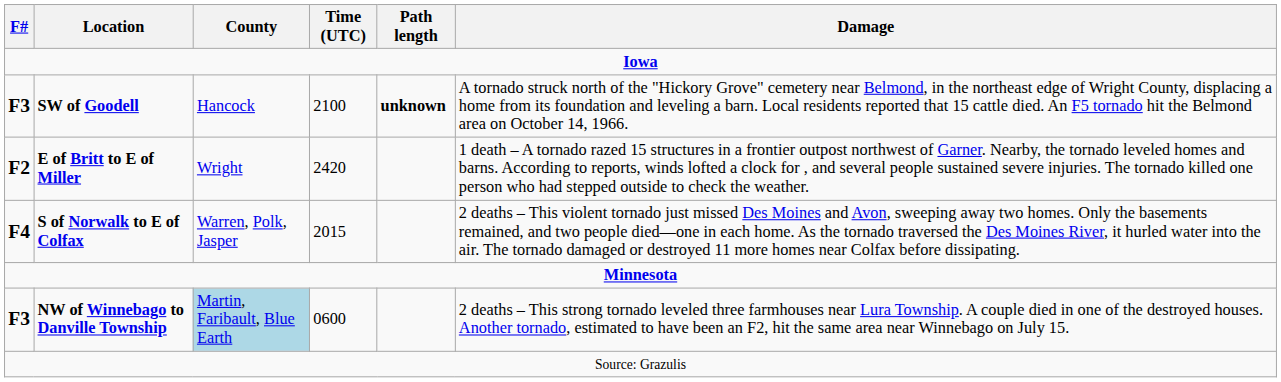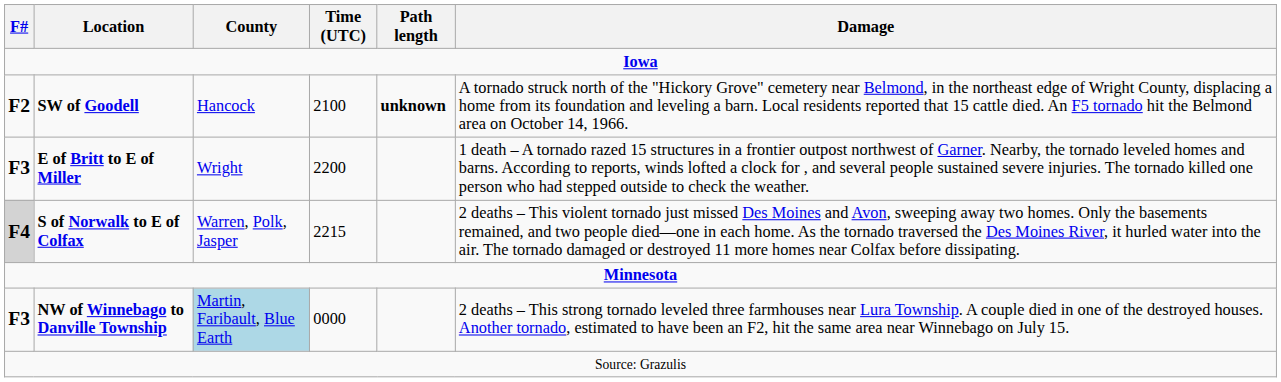 <table class="wikitable">
 <tr>
 <th><strong><a href='#'>F#</a></strong></th>
 <th><strong>Location</strong></th>
 <th><strong>County</strong></th>
 <th><strong>Time (UTC)</strong></th>
 <th><strong>Path length</strong></th>
 <th><strong>Damage</strong></th>
 </tr>
 <tr>
 <td colspan="7" align=center><strong><a href='#'>Iowa</a></strong></td>
 </tr>
 <tr>
-<td><big><strong>F3</strong></big></td>
+<td><big><strong>F2</strong></big></td>
 <td><strong>SW of <a href='#'>Goodell</a></strong></td>
 <td><a href='#'>Hancock</a></td>
 <td>2100</td>
 <td><strong>unknown</strong></td>
 <td>A tornado struck north of the "Hickory Grove" cemetery near <a href='#'>Belmond</a>, in the northeast edge of Wright County, displacing a home from its foundation and leveling a barn. Local residents reported that 15 cattle died. An <a href='#'>F5 tornado</a> hit the Belmond area on October 14, 1966.</td>
 </tr>
 <tr>
-<td><big><strong>F2</strong></big></td>
+<td><big><strong>F3</strong></big></td>
 <td><strong>E of <a href='#'>Britt</a> to E of <a href='#'>Miller</a></strong></td>
 <td><a href='#'>Wright</a></td>
-<td>2420</td>
+<td>2200</td>
 <td></td>
 <td>1 death – A tornado razed 15 structures in a frontier outpost  northwest of <a href='#'>Garner</a>. Nearby, the tornado leveled homes and barns. According to reports, winds lofted a clock for , and several people sustained severe injuries. The tornado killed one person who had stepped outside to check the weather.</td>
 </tr>
 <tr>
-<td><big><strong>F4</strong></big></td>
+<td style="background: lightgrey;"><big><strong>F4</strong></big></td>
 <td><strong>S of <a href='#'>Norwalk</a> to E of <a href='#'>Colfax</a></strong></td>
 <td><a href='#'>Warren</a>, <a href='#'>Polk</a>, <a href='#'>Jasper</a></td>
-<td>2015</td>
+<td>2215</td>
 <td></td>
 <td>2 deaths – This violent tornado just missed <a href='#'>Des Moines</a> and <a href='#'>Avon</a>, sweeping away two homes. Only the basements remained, and two people died—one in each home. As the tornado traversed the <a href='#'>Des Moines River</a>, it hurled water  into the air. The tornado damaged or destroyed 11 more homes near Colfax before dissipating.</td>
 </tr>
 <tr>
 <td colspan="7" align=center><strong><a href='#'>Minnesota</a></strong></td>
 </tr>
 <tr>
 <td><big><strong>F3</strong></big></td>
 <td><strong>NW of <a href='#'>Winnebago</a> to <a href='#'>Danville Township</a></strong></td>
 <td style="background: lightblue;"><a href='#'>Martin</a>, <a href='#'>Faribault</a>, <a href='#'>Blue Earth</a></td>
-<td>0600</td>
+<td>0000</td>
 <td></td>
 <td>2 deaths – This strong tornado leveled three farmhouses near <a href='#'>Lura Township</a>. A couple died in one of the destroyed houses. <a href='#'>Another tornado</a>, estimated to have been an F2, hit the same area near Winnebago on July 15.</td>
 </tr>
 <tr>
 <td colspan="7" align=center><small>Source: Grazulis</small></td>
 </tr>
 </table>
